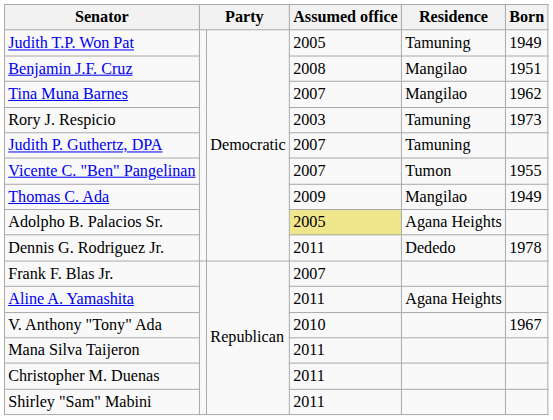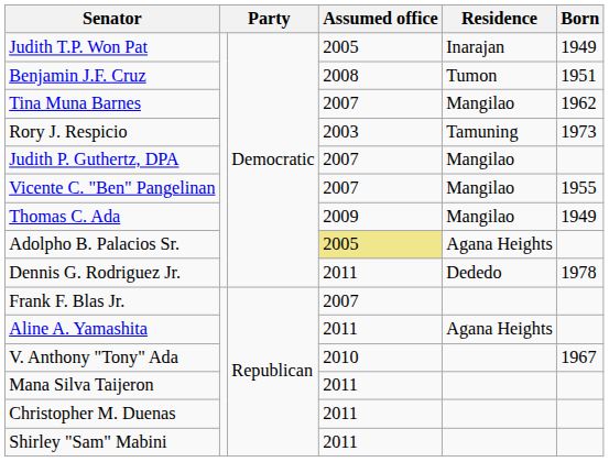 <table class="wikitable sortable" id="votingmembers">
 <tr style="vertical-align:bottom;">
 <th>Senator</th>
 <th colspan=2>Party</th>
 <th>Assumed office</th>
 <th>Residence</th>
 <th>Born</th>
 </tr>
 <tr>
 <td><a href='#'>Judith T.P. Won Pat</a></td>
 <td rowspan="9" style="background-color:"></td>
 <td rowspan="9">Democratic</td>
 <td>2005</td>
-<td>Tamuning</td>
+<td>Inarajan</td>
 <td>1949</td>
 </tr>
 <tr>
 <td><a href='#'>Benjamin J.F. Cruz</a></td>
 <td>2008</td>
-<td>Mangilao</td>
+<td>Tumon</td>
 <td>1951</td>
 </tr>
 <tr>
 <td><a href='#'>Tina Muna Barnes</a></td>
 <td>2007</td>
 <td>Mangilao</td>
 <td>1962</td>
 </tr>
 <tr>
 <td>Rory J. Respicio</td>
 <td>2003</td>
 <td>Tamuning</td>
 <td>1973</td>
 </tr>
 <tr>
 <td><a href='#'>Judith P. Guthertz, DPA</a></td>
 <td>2007</td>
-<td>Tamuning</td>
+<td>Mangilao</td>
 <td></td>
 </tr>
 <tr>
 <td><a href='#'>Vicente C. "Ben" Pangelinan</a></td>
 <td>2007</td>
-<td>Tumon</td>
+<td>Mangilao</td>
 <td>1955</td>
 </tr>
 <tr>
 <td><a href='#'>Thomas C. Ada</a></td>
 <td>2009</td>
 <td>Mangilao</td>
 <td>1949</td>
 </tr>
 <tr>
 <td>Adolpho B. Palacios Sr.</td>
 <td style="background: khaki;">2005</td>
 <td>Agana Heights</td>
 <td></td>
 </tr>
 <tr>
 <td>Dennis G. Rodriguez Jr.</td>
 <td>2011</td>
 <td>Dededo</td>
 <td>1978</td>
 </tr>
 <tr>
 <td>Frank F. Blas Jr.</td>
 <td rowspan="6" style="background-color:"></td>
 <td rowspan="6">Republican</td>
 <td>2007</td>
 <td></td>
 <td></td>
 </tr>
 <tr>
 <td><a href='#'>Aline A. Yamashita</a></td>
 <td>2011</td>
 <td>Agana Heights</td>
 <td></td>
 </tr>
 <tr>
 <td>V. Anthony "Tony" Ada</td>
 <td>2010</td>
 <td></td>
 <td>1967</td>
 </tr>
 <tr>
 <td>Mana Silva Taijeron</td>
 <td>2011</td>
 <td></td>
 <td></td>
 </tr>
 <tr>
 <td>Christopher M. Duenas</td>
 <td>2011</td>
 <td></td>
 <td></td>
 </tr>
 <tr>
 <td>Shirley "Sam" Mabini</td>
 <td>2011</td>
 <td></td>
 <td></td>
 </tr>
 </table>
